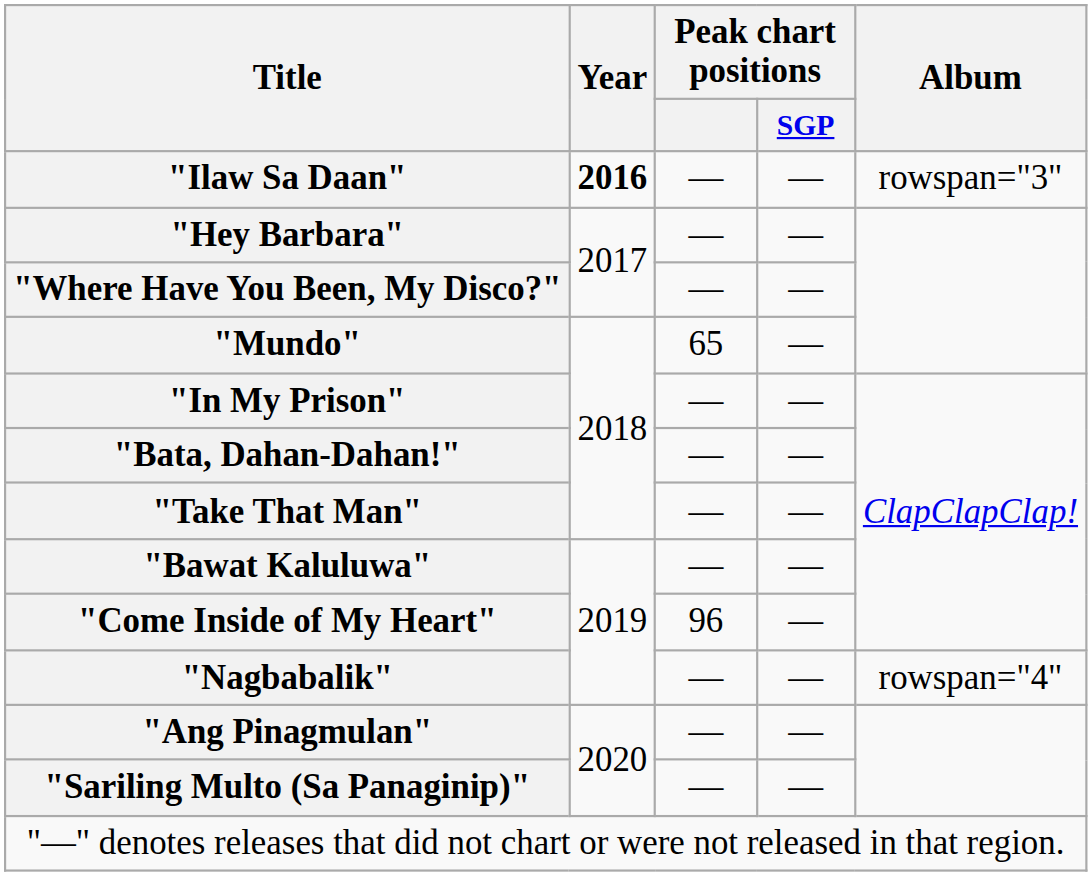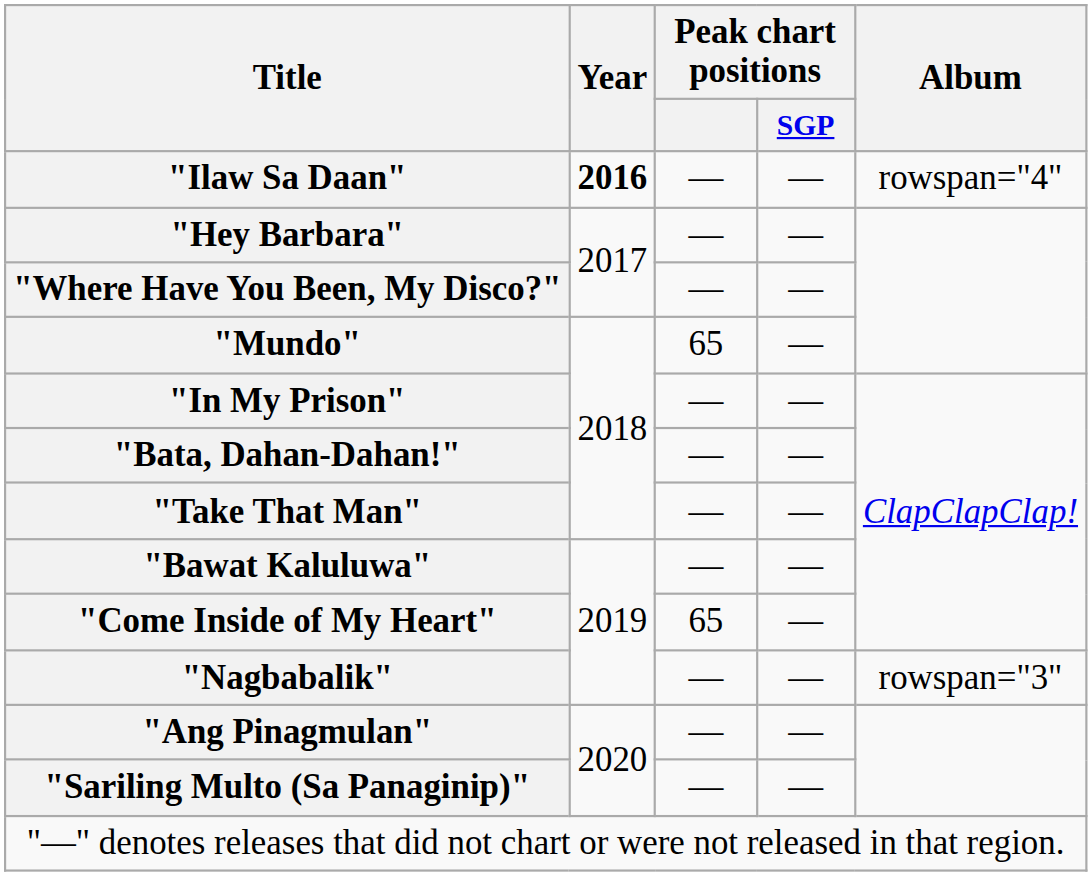 <table class="wikitable plainrowheaders" style="text-align:center">
 <tr>
 <th scope="col" rowspan="2">Title</th>
 <th scope="col" rowspan="2">Year</th>
 <th scope="col" colspan="2">Peak chart positions</th>
 <th scope="col" rowspan="2">Album</th>
 </tr>
 <tr>
 <th scope="col" style="font-size:90%; width:2.75em"><a href='#'></a><br></th>
 <th scope="col" style="font-size:85%; width:2.85em"><a href='#'>SGP</a></th>
 </tr>
 <tr>
 <th scope="row">"Ilaw Sa Daan"</th>
 <td align="center"><strong>2016</strong></td>
 <td>—</td>
 <td>—</td>
-<td>rowspan="3" </td>
+<td>rowspan="4" </td>
 </tr>
 <tr>
 <th scope="row">"Hey Barbara"</th>
 <td align="center" rowspan="2">2017</td>
 <td>—</td>
 <td>—</td>
 </tr>
 <tr>
 <th scope="row">"Where Have You Been, My Disco?"</th>
 <td>—</td>
 <td>—</td>
 </tr>
 <tr>
 <th scope="row">"Mundo"</th>
 <td align="center" rowspan="4">2018</td>
 <td>65</td>
 <td>—</td>
 </tr>
 <tr>
 <th scope="row">"In My Prison"</th>
 <td>—</td>
 <td>—</td>
 <td rowspan="5"><em><a href='#'>ClapClapClap!</a></em></td>
 </tr>
 <tr>
 <th scope="row">"Bata, Dahan-Dahan!"</th>
 <td>—</td>
 <td>—</td>
 </tr>
 <tr>
 <th scope="row">"Take That Man"</th>
 <td>—</td>
 <td>—</td>
 </tr>
 <tr>
 <th scope="row">"Bawat Kaluluwa"</th>
 <td align="center" rowspan="3">2019</td>
 <td>—</td>
 <td>—</td>
 </tr>
 <tr>
 <th scope="row">"Come Inside of My Heart"</th>
-<td>96</td>
+<td>65</td>
 <td>—</td>
 </tr>
 <tr>
 <th scope="row">"Nagbabalik"<br></th>
 <td>—</td>
 <td>—</td>
-<td>rowspan="4" </td>
+<td>rowspan="3" </td>
 </tr>
 <tr>
 <th scope="row">"Ang Pinagmulan"</th>
 <td align="center" rowspan="2">2020</td>
 <td>—</td>
 <td>—</td>
 </tr>
 <tr>
 <th scope="row">"Sariling Multo (Sa Panaginip)"</th>
 <td>—</td>
 <td>—</td>
 </tr>
 <tr>
 <td colspan="5">"—" denotes releases that did not chart or were not released in that region.</td>
 </tr>
 </table>
